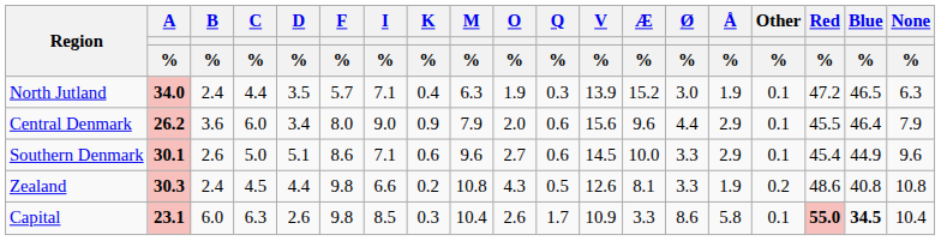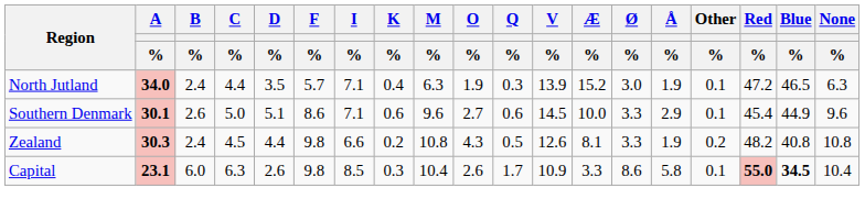 <table class="wikitable sortable" style="text-align:right; font-size:95%; line-height:20px;">
 <tr>
 <th rowspan="3">Region</th>
 <th width="30px" class="unsortable"><a href='#'>A</a></th>
 <th width="30px" class="unsortable"><a href='#'>B</a></th>
 <th width="30px" class="unsortable"><a href='#'>C</a></th>
 <th width="30px" class="unsortable"><a href='#'>D</a></th>
 <th width="30px" class="unsortable"><a href='#'>F</a></th>
 <th width="30px" class="unsortable"><a href='#'>I</a></th>
 <th width="30px" class="unsortable"><a href='#'>K</a></th>
 <th width="30px" class="unsortable"><a href='#'>M</a></th>
 <th width="30px" class="unsortable"><a href='#'>O</a></th>
 <th width="30px" class="unsortable"><a href='#'>Q</a></th>
 <th width="30px" class="unsortable"><a href='#'>V</a></th>
 <th width="30px" class="unsortable"><a href='#'>Æ</a></th>
 <th width="30px" class="unsortable"><a href='#'>Ø</a></th>
 <th width="30px" class="unsortable"><a href='#'>Å</a></th>
 <th width="30px" class="unsortable">Other</th>
 <th><a href='#'>Red</a></th>
 <th><a href='#'>Blue</a></th>
 <th><a href='#'>None</a></th>
 </tr>
 <tr>
 <th style="background:"></th>
 <th style="background:"></th>
 <th style="background:"></th>
 <th style="background:"></th>
 <th style="background:"></th>
 <th style="background:"></th>
 <th style="background:"></th>
 <th style="background:"></th>
 <th style="background:"></th>
 <th style="background:"></th>
 <th style="background:"></th>
 <th style="background:"></th>
 <th style="background:"></th>
 <th style="background:"></th>
 <th style="background:"></th>
 <th style="background:"></th>
 <th style="background:"></th>
 <th style="background:"></th>
 </tr>
 <tr>
 <th align="center" data-sort-type="number">%</th>
 <th align="center" data-sort-type="number">%</th>
 <th align="center" data-sort-type="number">%</th>
 <th align="center" data-sort-type="number">%</th>
 <th align="center" data-sort-type="number">%</th>
 <th align="center" data-sort-type="number">%</th>
 <th align="center" data-sort-type="number">%</th>
 <th align="center" data-sort-type="number">%</th>
 <th align="center" data-sort-type="number">%</th>
 <th align="center" data-sort-type="number">%</th>
 <th align="center" data-sort-type="number">%</th>
 <th align="center" data-sort-type="number">%</th>
 <th align="center" data-sort-type="number">%</th>
 <th align="center" data-sort-type="number">%</th>
 <th align="center" data-sort-type="number">%</th>
 <th align="center" data-sort-type="number">%</th>
 <th align="center" data-sort-type="number">%</th>
 <th align="center" data-sort-type="number">%</th>
 </tr>
 <tr>
 <td align="left"><a href='#'>North Jutland</a></td>
 <td align="center" bgcolor=#f7c0bc><strong>34.0</strong></td>
 <td align="center">2.4</td>
 <td align="center">4.4</td>
 <td align="center">3.5</td>
 <td align="center">5.7</td>
 <td align="center">7.1</td>
 <td align="center">0.4</td>
 <td align="center">6.3</td>
 <td align="center">1.9</td>
 <td align="center">0.3</td>
 <td align="center">13.9</td>
 <td align="center">15.2</td>
 <td align="center">3.0</td>
 <td align="center">1.9</td>
 <td align="center">0.1</td>
 <td align="center">47.2</td>
 <td align="center">46.5</td>
 <td align="center">6.3</td>
 </tr>
 <tr>
-<td align="left"><a href='#'>Central Denmark</a></td>
-<td align="center" bgcolor=#f7c0bc><strong>26.2</strong></td>
-<td align="center">3.6</td>
-<td align="center">6.0</td>
-<td align="center">3.4</td>
-<td align="center">8.0</td>
-<td align="center">9.0</td>
-<td align="center">0.9</td>
-<td align="center">7.9</td>
-<td align="center">2.0</td>
-<td align="center">0.6</td>
-<td align="center">15.6</td>
-<td align="center">9.6</td>
-<td align="center">4.4</td>
-<td align="center">2.9</td>
-<td align="center">0.1</td>
-<td align="center">45.5</td>
-<td align="center">46.4</td>
-<td align="center">7.9</td>
-</tr>
-<tr>
 <td align="left"><a href='#'>Southern Denmark</a></td>
 <td align="center" bgcolor=#f7c0bc><strong>30.1</strong></td>
 <td align="center">2.6</td>
 <td align="center">5.0</td>
 <td align="center">5.1</td>
 <td align="center">8.6</td>
 <td align="center">7.1</td>
 <td align="center">0.6</td>
 <td align="center">9.6</td>
 <td align="center">2.7</td>
 <td align="center">0.6</td>
 <td align="center">14.5</td>
 <td align="center">10.0</td>
 <td align="center">3.3</td>
 <td align="center">2.9</td>
 <td align="center">0.1</td>
 <td align="center">45.4</td>
 <td align="center">44.9</td>
 <td align="center">9.6</td>
 </tr>
 <tr>
 <td align="left"><a href='#'>Zealand</a></td>
 <td align="center" bgcolor=#f7c0bc><strong>30.3</strong></td>
 <td align="center">2.4</td>
 <td align="center">4.5</td>
 <td align="center">4.4</td>
 <td align="center">9.8</td>
 <td align="center">6.6</td>
 <td align="center">0.2</td>
 <td align="center">10.8</td>
 <td align="center">4.3</td>
 <td align="center">0.5</td>
 <td align="center">12.6</td>
 <td align="center">8.1</td>
 <td align="center">3.3</td>
 <td align="center">1.9</td>
 <td align="center">0.2</td>
-<td align="center">48.6</td>
+<td align="center">48.2</td>
 <td align="center">40.8</td>
 <td align="center">10.8</td>
 </tr>
 <tr>
 <td align="left"><a href='#'>Capital</a></td>
 <td align="center" bgcolor=#f7c0bc><strong>23.1</strong></td>
 <td align="center">6.0</td>
 <td align="center">6.3</td>
 <td align="center">2.6</td>
 <td align="center">9.8</td>
 <td align="center">8.5</td>
 <td align="center">0.3</td>
 <td align="center">10.4</td>
 <td align="center">2.6</td>
 <td align="center">1.7</td>
 <td align="center">10.9</td>
 <td align="center">3.3</td>
 <td align="center">8.6</td>
 <td align="center">5.8</td>
 <td align="center">0.1</td>
 <td align="center" bgcolor=#f7c0bc><strong>55.0</strong></td>
 <td align="center"><strong>34.5</strong></td>
 <td align="center">10.4</td>
 </tr>
 </table>
